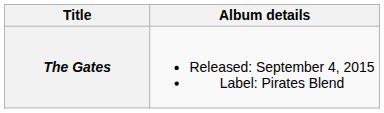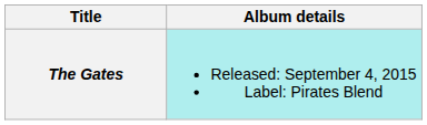 <table class="wikitable plainrowheaders" style="text-align:center;" border="1">
 <tr>
 <th scope="col" style="width:10em;">Title</th>
 <th scope="col" style="width:16em;">Album details</th>
 </tr>
 <tr>
 <th scope="row"><em>The Gates</em></th>
-<td><br><ul><li>Released: September 4, 2015</li><li>Label: Pirates Blend</li></ul></td>
+<td style="background: paleturquoise;"><br><ul><li>Released: September 4, 2015</li><li>Label: Pirates Blend</li></ul></td>
 </tr>
 </table>
